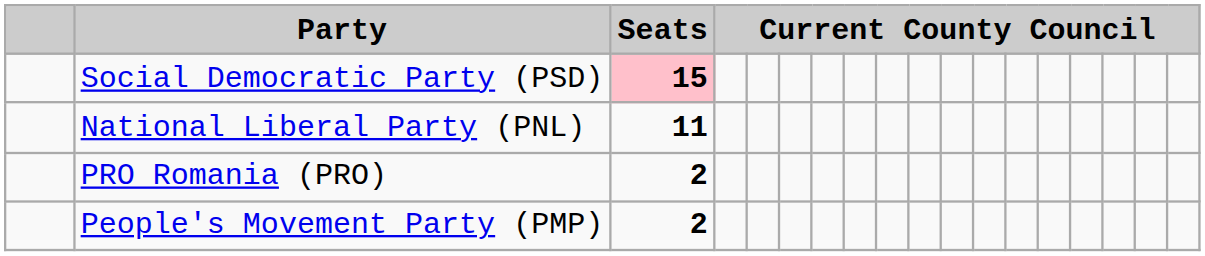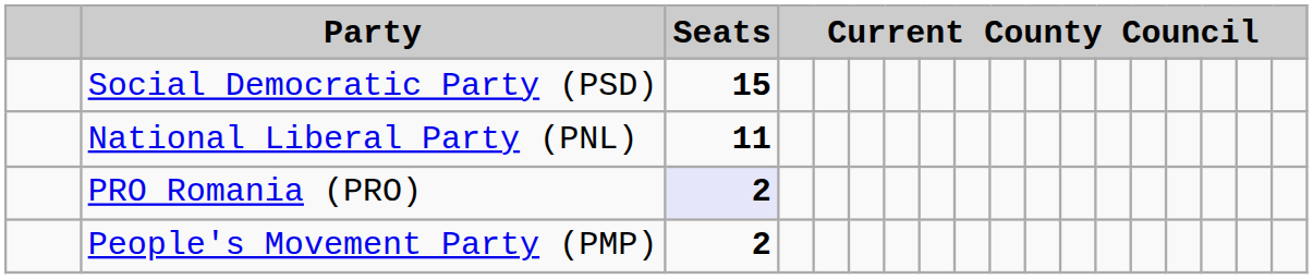 <table class="wikitable">
 <tr>
 <th style="background:#ccc">   </th>
 <th style="background:#ccc">Party</th>
 <th style="background:#ccc">Seats</th>
 <th style="background:#ccc" colspan="15">Current County Council</th>
 </tr>
 <tr>
 <td>  </td>
 <td><a href='#'>Social Democratic Party</a> (PSD)</td>
-<td style="background: pink; text-align: right"><strong>15</strong></td>
+<td style="text-align: right"><strong>15</strong></td>
 <td>  </td>
 <td>  </td>
 <td>  </td>
 <td>  </td>
 <td>  </td>
 <td>  </td>
 <td>  </td>
 <td>  </td>
 <td>  </td>
 <td>  </td>
 <td>  </td>
 <td>  </td>
 <td>  </td>
 <td>  </td>
 <td>  </td>
 </tr>
 <tr>
 <td>  </td>
 <td><a href='#'>National Liberal Party</a> (PNL)</td>
 <td style="text-align: right"><strong>11</strong></td>
 <td>  </td>
 <td>  </td>
 <td>  </td>
 <td>  </td>
 <td>  </td>
 <td>  </td>
 <td>  </td>
 <td>  </td>
 <td>  </td>
 <td>  </td>
 <td>  </td>
 <td> </td>
 <td> </td>
 <td> </td>
 <td> </td>
 </tr>
 <tr>
 <td>  </td>
 <td><a href='#'>PRO Romania</a> (PRO)</td>
-<td style="text-align: right"><strong>2</strong></td>
+<td style="background: lavender; text-align: right"><strong>2</strong></td>
 <td>  </td>
 <td>  </td>
 <td> </td>
 <td> </td>
 <td> </td>
 <td> </td>
 <td> </td>
 <td> </td>
 <td> </td>
 <td> </td>
 <td> </td>
 <td> </td>
 <td> </td>
 <td> </td>
 <td> </td>
 </tr>
 <tr>
 <td>  </td>
 <td><a href='#'>People's Movement Party</a> (PMP)</td>
 <td style="text-align: right"><strong>2</strong></td>
 <td>  </td>
 <td>  </td>
 <td> </td>
 <td> </td>
 <td> </td>
 <td> </td>
 <td> </td>
 <td> </td>
 <td> </td>
 <td> </td>
 <td> </td>
 <td> </td>
 <td> </td>
 <td> </td>
 <td> </td>
 </tr>
 </table>
